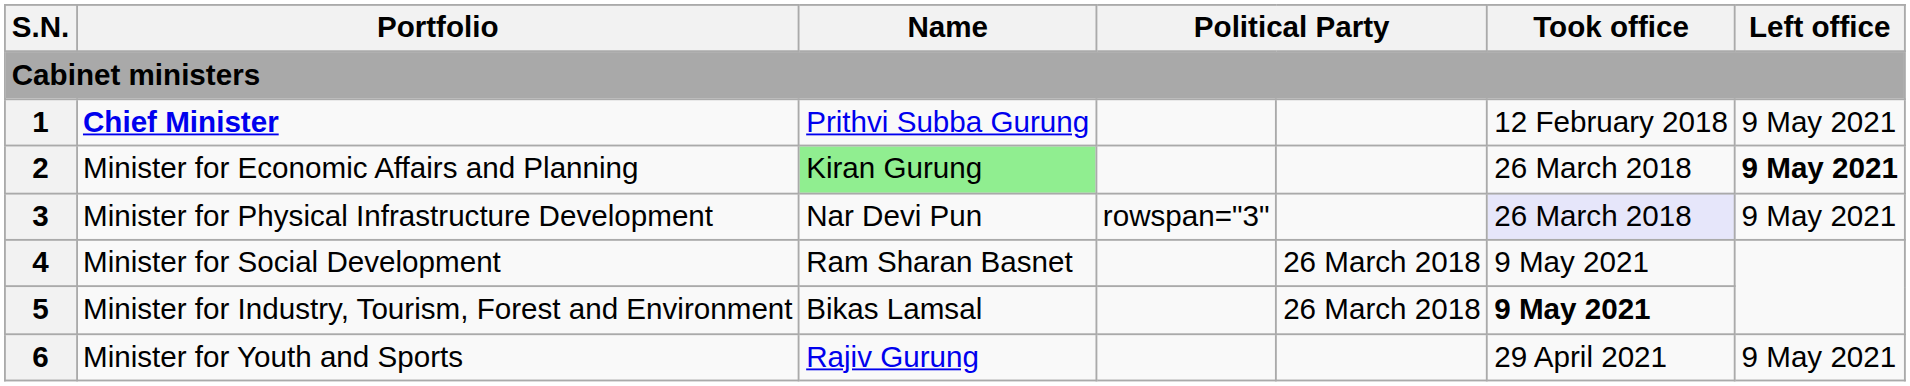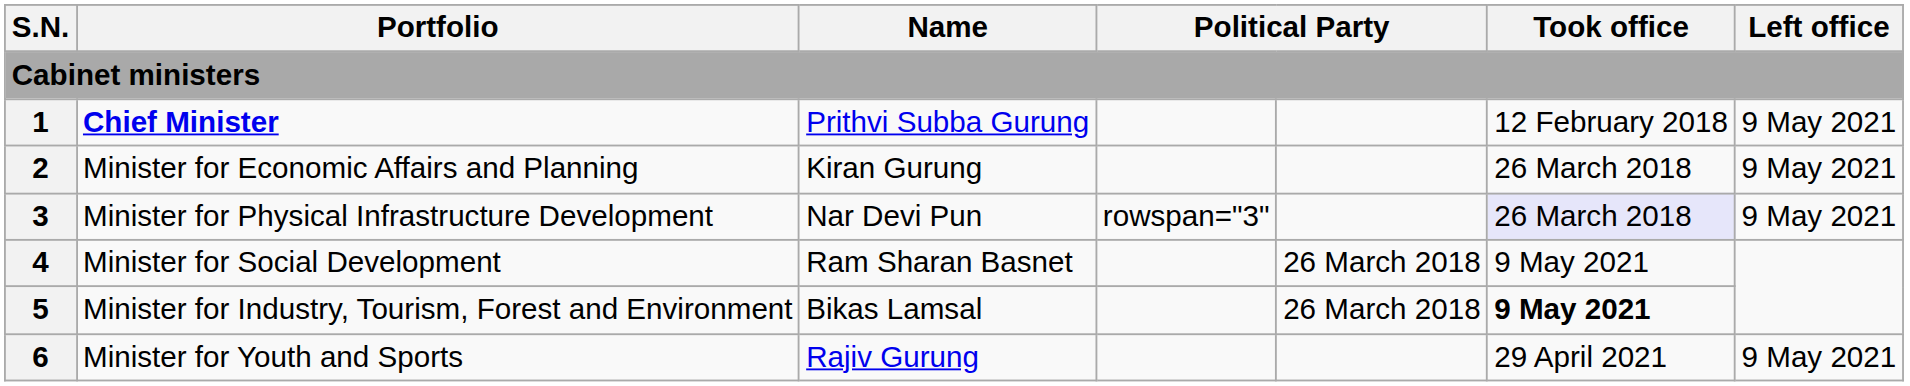 <table class="wikitable">
 <tr>
 <th>S.N.</th>
 <th>Portfolio</th>
 <th>Name<br></th>
 <th colspan="2">Political Party</th>
 <th>Took office</th>
 <th>Left office</th>
 </tr>
 <tr>
 <td colspan="7" bgcolor="darkgrey"><strong>Cabinet ministers</strong></td>
 </tr>
 <tr>
 <th>1</th>
 <td><strong><a href='#'>Chief Minister</a><br></strong></td>
 <td><a href='#'>Prithvi Subba Gurung</a><br></td>
 <td></td>
 <td></td>
 <td>12 February 2018</td>
 <td>9 May 2021</td>
 </tr>
 <tr>
 <th>2</th>
 <td>Minister for Economic Affairs and Planning</td>
-<td style="background: lightgreen;">Kiran Gurung<br></td>
+<td>Kiran Gurung<br></td>
 <td></td>
 <td></td>
 <td>26 March 2018</td>
-<td><strong>9 May 2021</strong></td>
+<td>9 May 2021</td>
 </tr>
 <tr>
 <th>3</th>
 <td>Minister for Physical Infrastructure Development</td>
 <td>Nar Devi Pun</td>
 <td>rowspan="3" </td>
 <td></td>
 <td style="background: lavender;">26 March 2018</td>
 <td>9 May 2021</td>
 </tr>
 <tr>
 <th>4</th>
 <td>Minister for Social Development</td>
 <td>Ram Sharan Basnet<br></td>
 <td></td>
 <td>26 March 2018</td>
 <td>9 May 2021</td>
 </tr>
 <tr>
 <th>5</th>
 <td>Minister for Industry, Tourism, Forest and Environment</td>
 <td>Bikas Lamsal<br></td>
 <td></td>
 <td>26 March 2018</td>
 <td><strong>9 May 2021</strong></td>
 </tr>
 <tr>
 <th>6</th>
 <td>Minister for Youth and Sports</td>
 <td><a href='#'>Rajiv Gurung</a></td>
 <td></td>
 <td></td>
 <td>29 April 2021</td>
 <td>9 May 2021</td>
 </tr>
 </table>
